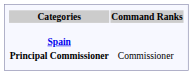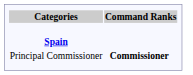 <table style="border:1px solid #8888aa; background-color:#f7f8ff; padding:5px; font-size:95%; margin:0px 12px 12px 0px;">
 <tr>
 </tr>
 <tr bgcolor="#CCCCCC">
 <th><strong>Categories</strong></th>
 <th colspan=5>Command Ranks</th>
 </tr>
 <tr>
 <td align="center" rowspan=2><strong><br><a href='#'>Spain</a></strong></td>
 <td align="center" colspan=1></td>
 <td align="center" colspan=1></td>
 </tr>
 <tr rowspan="2">
 </tr>
 <tr align="center">
-<td align="center" colspan=1><strong>Principal Commissioner</strong></td>
-<td align="center" colspan=1>Commissioner</td>
+<td align="center" colspan=1>Principal Commissioner</td>
+<td align="center" colspan=1><strong>Commissioner</strong></td>
 </tr>
 <tr>
 <td colspan=10></td>
 </tr>
 <tr>
 </tr>
 </table>
